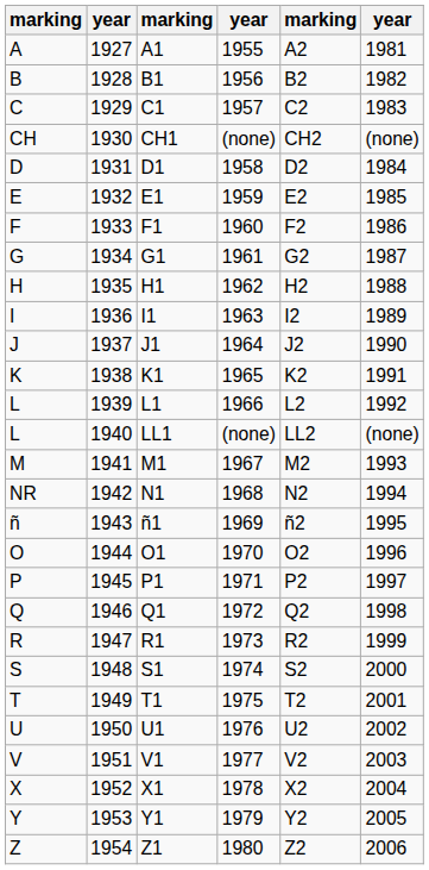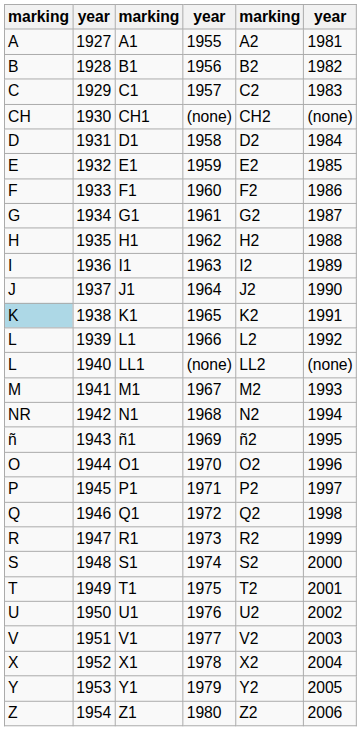 <table class= " wikitable ">
 <tr>
 <th>marking</th>
 <th>year</th>
 <th>marking</th>
 <th>year</th>
 <th>marking</th>
 <th>year</th>
 </tr>
 <tr>
 <td>A</td>
 <td>1927</td>
 <td>A1</td>
 <td>1955</td>
 <td>A2</td>
 <td>1981</td>
 </tr>
 <tr>
 <td>B</td>
 <td>1928</td>
 <td>B1</td>
 <td>1956</td>
 <td>B2</td>
 <td>1982</td>
 </tr>
 <tr>
 <td>C</td>
 <td>1929</td>
 <td>C1</td>
 <td>1957</td>
 <td>C2</td>
 <td>1983</td>
 </tr>
 <tr>
 <td>CH</td>
 <td>1930</td>
 <td>CH1</td>
 <td>(none)</td>
 <td>CH2</td>
 <td>(none)</td>
 </tr>
 <tr>
 <td>D</td>
 <td>1931</td>
 <td>D1</td>
 <td>1958</td>
 <td>D2</td>
 <td>1984</td>
 </tr>
 <tr>
 <td>E</td>
 <td>1932</td>
 <td>E1</td>
 <td>1959</td>
 <td>E2</td>
 <td>1985</td>
 </tr>
 <tr>
 <td>F</td>
 <td>1933</td>
 <td>F1</td>
 <td>1960</td>
 <td>F2</td>
 <td>1986</td>
 </tr>
 <tr>
 <td>G</td>
 <td>1934</td>
 <td>G1</td>
 <td>1961</td>
 <td>G2</td>
 <td>1987</td>
 </tr>
 <tr>
 <td>H</td>
 <td>1935</td>
 <td>H1</td>
 <td>1962</td>
 <td>H2</td>
 <td>1988</td>
 </tr>
 <tr>
 <td>I</td>
 <td>1936</td>
 <td>I1</td>
 <td>1963</td>
 <td>I2</td>
 <td>1989</td>
 </tr>
 <tr>
 <td>J</td>
 <td>1937</td>
 <td>J1</td>
 <td>1964</td>
 <td>J2</td>
 <td>1990</td>
 </tr>
 <tr>
-<td>K</td>
+<td style="background: lightblue;">K</td>
 <td>1938</td>
 <td>K1</td>
 <td>1965</td>
 <td>K2</td>
 <td>1991</td>
 </tr>
 <tr>
 <td>L</td>
 <td>1939</td>
 <td>L1</td>
 <td>1966</td>
 <td>L2</td>
 <td>1992</td>
 </tr>
 <tr>
 <td>L</td>
 <td>1940</td>
 <td>LL1</td>
 <td>(none)</td>
 <td>LL2</td>
 <td>(none)</td>
 </tr>
 <tr>
 <td>M</td>
 <td>1941</td>
 <td>M1</td>
 <td>1967</td>
 <td>M2</td>
 <td>1993</td>
 </tr>
 <tr>
 <td>NR</td>
 <td>1942</td>
 <td>N1</td>
 <td>1968</td>
 <td>N2</td>
 <td>1994</td>
 </tr>
 <tr>
 <td>ñ</td>
 <td>1943</td>
 <td>ñ1</td>
 <td>1969</td>
 <td>ñ2</td>
 <td>1995</td>
 </tr>
 <tr>
 <td>O</td>
 <td>1944</td>
 <td>O1</td>
 <td>1970</td>
 <td>O2</td>
 <td>1996</td>
 </tr>
 <tr>
 <td>P</td>
 <td>1945</td>
 <td>P1</td>
 <td>1971</td>
 <td>P2</td>
 <td>1997</td>
 </tr>
 <tr>
 <td>Q</td>
 <td>1946</td>
 <td>Q1</td>
 <td>1972</td>
 <td>Q2</td>
 <td>1998</td>
 </tr>
 <tr>
 <td>R</td>
 <td>1947</td>
 <td>R1</td>
 <td>1973</td>
 <td>R2</td>
 <td>1999</td>
 </tr>
 <tr>
 <td>S</td>
 <td>1948</td>
 <td>S1</td>
 <td>1974</td>
 <td>S2</td>
 <td>2000</td>
 </tr>
 <tr>
 <td>T</td>
 <td>1949</td>
 <td>T1</td>
 <td>1975</td>
 <td>T2</td>
 <td>2001</td>
 </tr>
 <tr>
 <td>U</td>
 <td>1950</td>
 <td>U1</td>
 <td>1976</td>
 <td>U2</td>
 <td>2002</td>
 </tr>
 <tr>
 <td>V</td>
 <td>1951</td>
 <td>V1</td>
 <td>1977</td>
 <td>V2</td>
 <td>2003</td>
 </tr>
 <tr>
 <td>X</td>
 <td>1952</td>
 <td>X1</td>
 <td>1978</td>
 <td>X2</td>
 <td>2004</td>
 </tr>
 <tr>
 <td>Y</td>
 <td>1953</td>
 <td>Y1</td>
 <td>1979</td>
 <td>Y2</td>
 <td>2005</td>
 </tr>
 <tr>
 <td>Z</td>
 <td>1954</td>
 <td>Z1</td>
 <td>1980</td>
 <td>Z2</td>
 <td>2006</td>
 </tr>
 </table>
